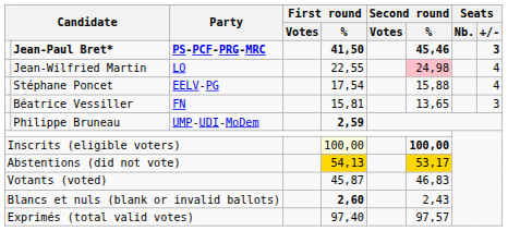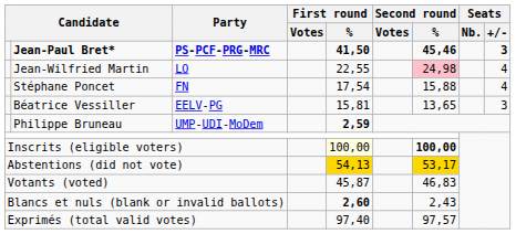 <table class="wikitable centre">
 <tr>
 <th scope="col" rowspan=2 colspan=2>Candidate</th>
 <th scope="col" rowspan=2 colspan=1>Party</th>
 <th scope="col" colspan=2>First round</th>
 <th scope="col" colspan=2>Second round</th>
 <th scope="col" colspan=2>Seats</th>
 </tr>
 <tr>
 <th scope="col">Votes</th>
 <th scope="col">%</th>
 <th scope="col">Votes</th>
 <th scope="col">%</th>
 <th scope="col">Nb.</th>
 <th scope="col">+/-</th>
 </tr>
 <tr>
 <td style="color:inherit;background:"></td>
 <td><strong>Jean-Paul Bret*</strong></td>
 <td><strong><a href='#'>PS</a>-<a href='#'>PCF</a>-<a href='#'>PRG</a>-<a href='#'>MRC</a></strong></td>
 <td style="text-align: right"><strong></strong></td>
 <td style="text-align: right"><strong>41,50</strong></td>
 <td style="text-align: right"><strong></strong></td>
 <td style="text-align: right"><strong>45,46</strong></td>
 <td style="text-align: right"><strong></strong></td>
 <td style="text-align: right"><strong> 3</strong></td>
 </tr>
 <tr>
 <td style="color:inherit;background:"></td>
 <td>Jean-Wilfried Martin</td>
 <td><a href='#'>LO</a></td>
 <td style="text-align: right"></td>
 <td style="text-align: right">22,55</td>
 <td style="text-align: right"></td>
 <td style="background: pink; text-align: right">24,98</td>
 <td style="text-align: right"></td>
 <td style="text-align: right"> 4</td>
 </tr>
 <tr>
 <td style="color:inherit;background:"></td>
 <td>Stéphane Poncet</td>
-<td><a href='#'>EELV</a>-<a href='#'>PG</a></td>
+<td><a href='#'>FN</a></td>
 <td style="text-align: right"></td>
 <td style="text-align: right">17,54</td>
 <td style="text-align: right"></td>
 <td style="text-align: right">15,88</td>
 <td style="text-align: right"></td>
 <td style="text-align: right"> 4</td>
 </tr>
 <tr>
 <td style="color:inherit;background:"></td>
 <td>Béatrice Vessiller</td>
-<td><a href='#'>FN</a></td>
+<td><a href='#'>EELV</a>-<a href='#'>PG</a></td>
 <td style="text-align: right"></td>
 <td style="text-align: right">15,81</td>
 <td style="text-align: right"></td>
 <td style="text-align: right">13,65</td>
 <td style="text-align: right"></td>
 <td style="text-align: right"> 3</td>
 </tr>
 <tr>
 <td style="color:inherit;background:"></td>
 <td>Philippe Bruneau</td>
 <td><a href='#'>UMP</a>-<a href='#'>UDI</a>-<a href='#'>MoDem</a></td>
 <td style="text-align: right"></td>
 <td style="text-align: right"><strong>2,59</strong></td>
 <td colspan=9 rowspan=1></td>
 </tr>
 <tr bgcolor=white>
 <td colspan=7></td>
 </tr>
 <tr>
 <td colspan=3>Inscrits (eligible voters)</td>
 <td style="text-align: right"></td>
 <td style="background: lightyellow; text-align: right">100,00</td>
 <td style="text-align: right"></td>
 <td style="text-align: right"><strong>100,00</strong></td>
 </tr>
 <tr>
 <td colspan=3>Abstentions (did not vote)</td>
 <td style="text-align: right"></td>
 <td style="background: gold; text-align: right">54,13</td>
 <td style="text-align: right"></td>
 <td style="background: gold; text-align: right">53,17</td>
 </tr>
 <tr>
 <td colspan=3>Votants (voted)</td>
 <td style="text-align: right"></td>
 <td style="text-align: right">45,87</td>
 <td style="text-align: right"></td>
 <td style="text-align: right">46,83</td>
 </tr>
 <tr>
 <td colspan=3>Blancs et nuls (blank or invalid ballots)</td>
 <td style="text-align: right"></td>
 <td style="text-align: right"><strong>2,60</strong></td>
 <td style="text-align: right"></td>
 <td style="text-align: right">2,43</td>
 </tr>
 <tr>
 <td colspan=3>Exprimés (total valid votes)</td>
 <td style="text-align: right"></td>
 <td style="text-align: right">97,40</td>
 <td style="text-align: right"></td>
 <td style="text-align: right">97,57</td>
 </tr>
 </table>
